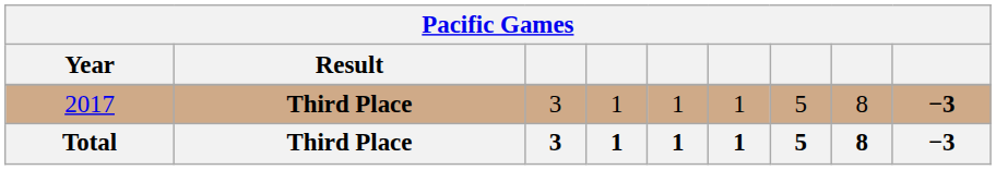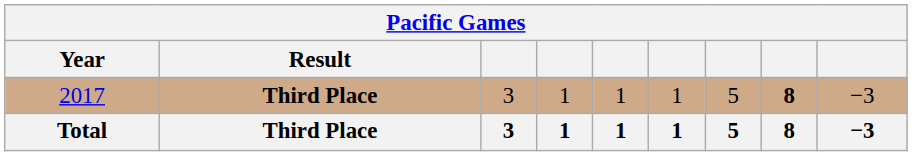 <table class="wikitable" style="text-align: center; width:50%;">
 <tr>
 <th colspan=10><a href='#'>Pacific Games</a></th>
 </tr>
 <tr>
 <th>Year</th>
 <th>Result</th>
 <th></th>
 <th></th>
 <th></th>
 <th></th>
 <th></th>
 <th></th>
 <th></th>
 </tr>
 <tr>
 </tr>
 <tr>
 </tr>
 <tr>
 </tr>
 <tr bgcolor=cfaa88>
 <td> <a href='#'>2017</a></td>
 <td><strong>Third Place</strong></td>
 <td>3</td>
 <td>1</td>
 <td>1</td>
 <td>1</td>
 <td>5</td>
-<td>8</td>
-<td><strong>−3</strong></td>
+<td><strong>8</strong></td>
+<td>−3</td>
 </tr>
 <tr>
 <th>Total</th>
 <th>Third Place</th>
 <th>3</th>
 <th>1</th>
 <th>1</th>
 <th>1</th>
 <th>5</th>
 <th>8</th>
 <th>−3</th>
 </tr>
 </table>
